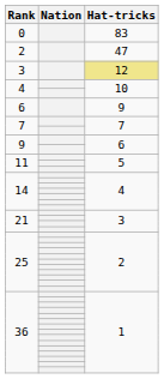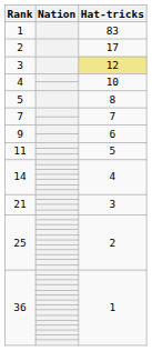 <table class="wikitable plainrowheaders" style="text-align:center">
 <tr>
 <th scope="col">Rank</th>
 <th scope="col">Nation</th>
 <th scope="col">Hat-tricks</th>
 </tr>
 <tr>
-<td>0</td>
+<td>1</td>
 <th scope="row"></th>
 <td>83</td>
 </tr>
 <tr>
 <td>2</td>
 <th scope="row"></th>
-<td>47</td>
+<td>17</td>
 </tr>
 <tr>
 <td>3</td>
 <th scope="row"></th>
 <td style="background: khaki;">12</td>
 </tr>
 <tr>
 <td rowspan="2">4</td>
 <th scope="row"></th>
 <td rowspan="2">10</td>
 </tr>
 <tr>
 <th scope="row"></th>
 </tr>
 <tr>
-<td>6</td>
+<td>5</td>
 <th scope="row"></th>
-<td>9</td>
+<td>8</td>
 </tr>
 <tr>
 <td rowspan="2">7</td>
 <th scope="row"></th>
 <td rowspan="2">7</td>
 </tr>
 <tr>
 <th scope="row"></th>
 </tr>
 <tr>
 <td rowspan="2">9</td>
 <th scope="row"></th>
 <td rowspan="2">6</td>
 </tr>
 <tr>
 <th scope="row"></th>
 </tr>
 <tr>
 <td rowspan="3">11</td>
 <th scope="row"></th>
 <td rowspan="3">5</td>
 </tr>
 <tr>
 <th scope="row"></th>
 </tr>
 <tr>
 <th scope="row"></th>
 </tr>
 <tr>
 <td rowspan="7">14</td>
 <th scope="row"></th>
 <td rowspan="7">4</td>
 </tr>
 <tr>
 <th scope="row"></th>
 </tr>
 <tr>
 <th scope="row"></th>
 </tr>
 <tr>
 <th scope="row"></th>
 </tr>
 <tr>
 <th scope="row"></th>
 </tr>
 <tr>
 <th scope="row"></th>
 </tr>
 <tr>
 <th scope="row"></th>
 </tr>
 <tr>
 <td rowspan="4">21</td>
 <th scope="row"></th>
 <td rowspan="4">3</td>
 </tr>
 <tr>
 <th scope="row"></th>
 </tr>
 <tr>
 <th scope="row"></th>
 </tr>
 <tr>
 <th scope="row"></th>
 </tr>
 <tr>
 <td rowspan="11">25</td>
 <th scope="row"></th>
 <td rowspan="11">2</td>
 </tr>
 <tr>
 <th scope="row"></th>
 </tr>
 <tr>
 <th scope="row"></th>
 </tr>
 <tr>
 <th scope="row"></th>
 </tr>
 <tr>
 <th scope="row"></th>
 </tr>
 <tr>
 <th scope="row"></th>
 </tr>
 <tr>
 <th scope="row"></th>
 </tr>
 <tr>
 <th scope="row"></th>
 </tr>
 <tr>
 <th scope="row"></th>
 </tr>
 <tr>
 <th scope="row"></th>
 </tr>
 <tr>
 <th scope="row"></th>
 </tr>
 <tr>
 <td rowspan="15">36</td>
 <th scope="row"></th>
 <td rowspan="15">1</td>
 </tr>
 <tr>
 <th scope="row"></th>
 </tr>
 <tr>
 <th scope="row"></th>
 </tr>
 <tr>
 <th scope="row"></th>
 </tr>
 <tr>
 <th scope="row"></th>
 </tr>
 <tr>
 <th scope="row"></th>
 </tr>
 <tr>
 <th scope="row"></th>
 </tr>
 <tr>
 <th scope="row"></th>
 </tr>
 <tr>
 <th scope="row"></th>
 </tr>
 <tr>
 <th scope="row"></th>
 </tr>
 <tr>
 <th scope="row"></th>
 </tr>
 <tr>
 <th scope="row"></th>
 </tr>
 <tr>
 <th scope="row"></th>
 </tr>
 <tr>
 <th scope="row"></th>
 </tr>
 <tr>
 <th scope="row"></th>
 </tr>
 </table>
